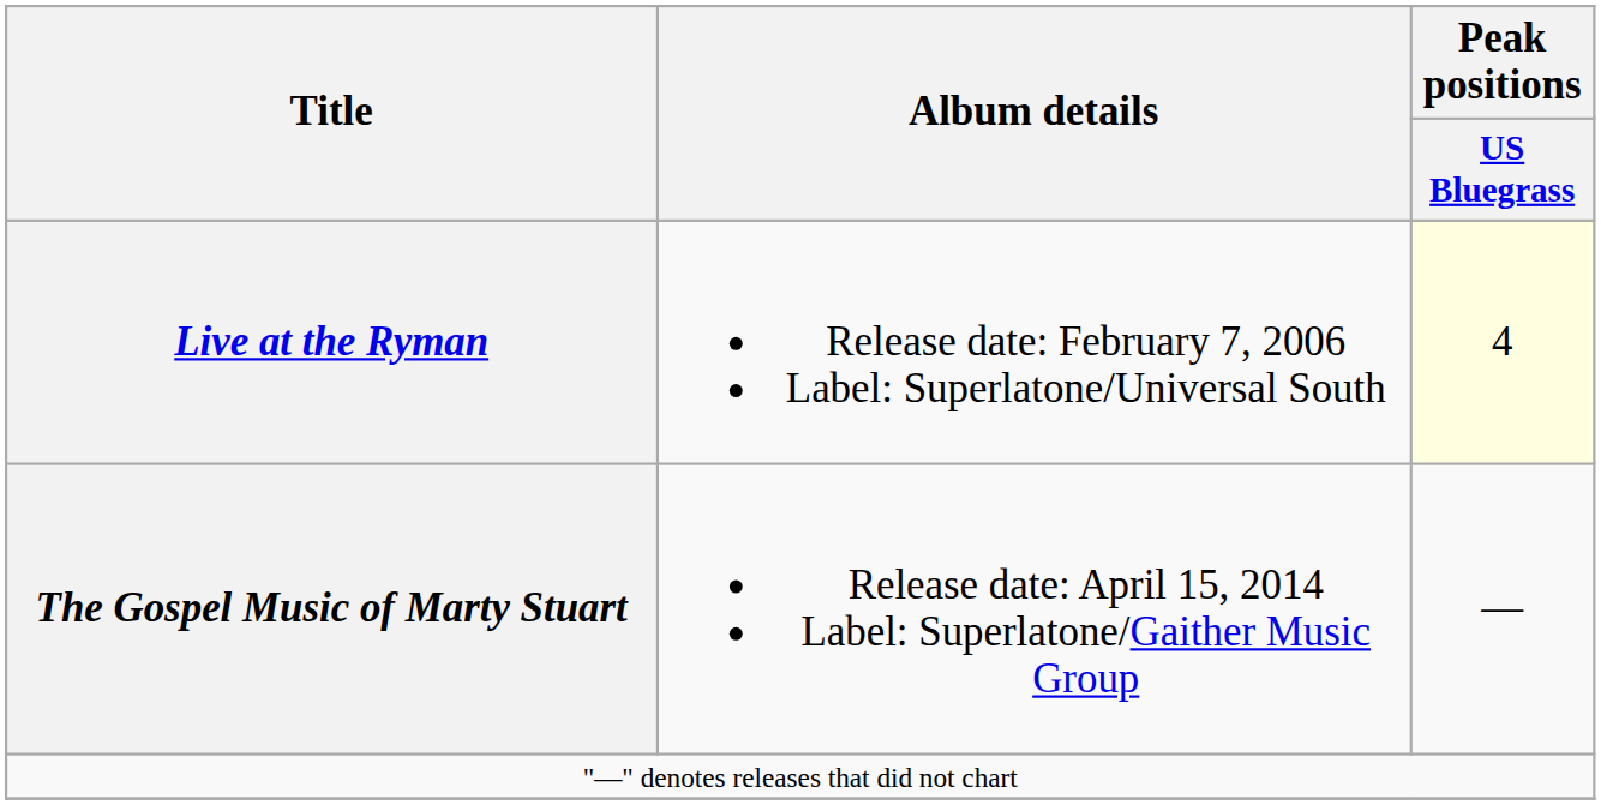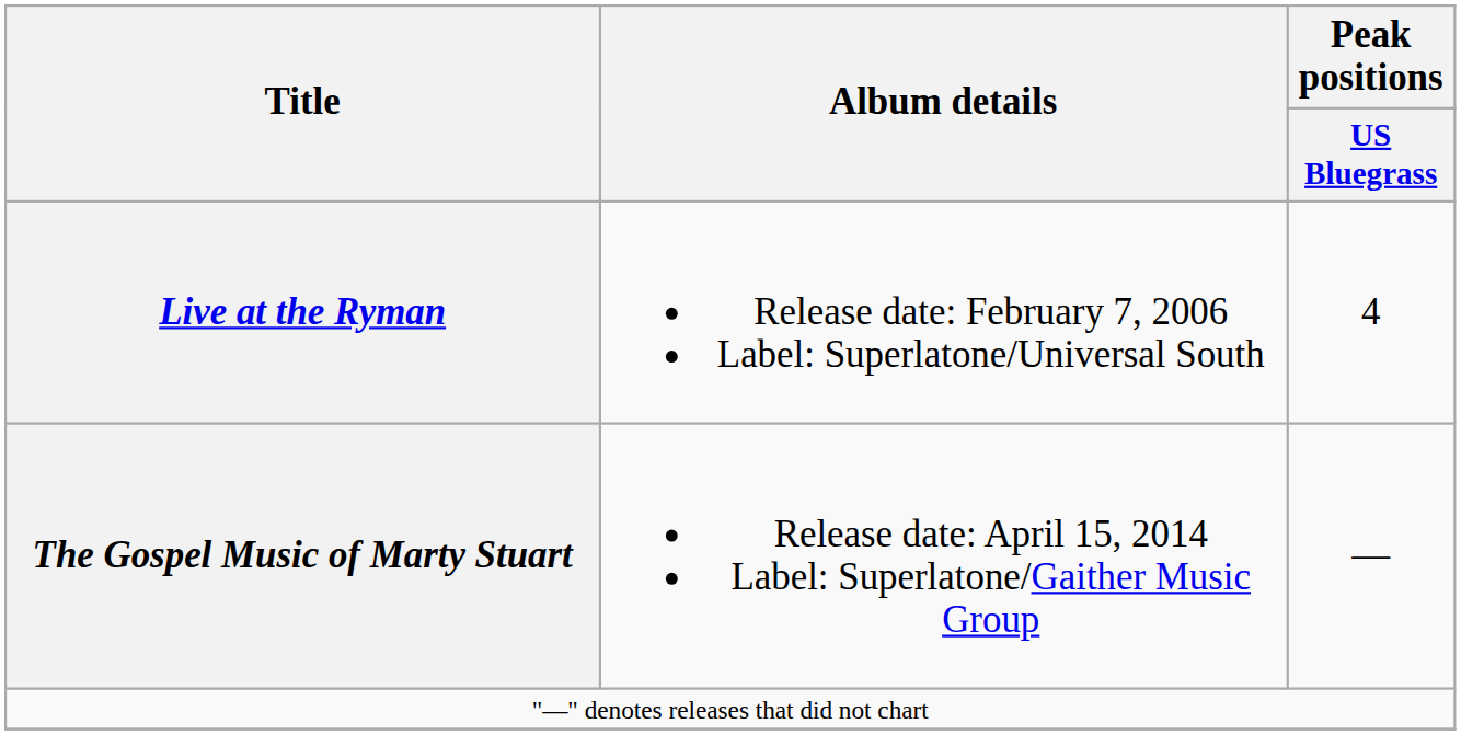 <table class="wikitable plainrowheaders" style="text-align:center;">
 <tr>
 <th rowspan="2" style="width:20em;">Title</th>
 <th rowspan="2" style="width:20em;">Album details</th>
 <th colspan="1">Peak positions</th>
 </tr>
 <tr style="font-size:smaller;">
 <th width="65"><a href='#'>US Bluegrass</a></th>
 </tr>
 <tr>
 <th scope="row"><em><a href='#'>Live at the Ryman</a></em></th>
 <td><br><ul><li>Release date: February 7, 2006</li><li>Label: Superlatone/Universal South</li></ul></td>
-<td style="background: lightyellow;">4</td>
+<td>4</td>
 </tr>
 <tr>
 <th scope="row"><em>The Gospel Music of Marty Stuart</em></th>
 <td><br><ul><li>Release date: April 15, 2014</li><li>Label: Superlatone/<a href='#'>Gaither Music Group</a></li></ul></td>
 <td>—</td>
 </tr>
 <tr>
 <td colspan="4" style="font-size: 8pt">"—" denotes releases that did not chart</td>
 </tr>
 <tr>
 </tr>
 </table>
